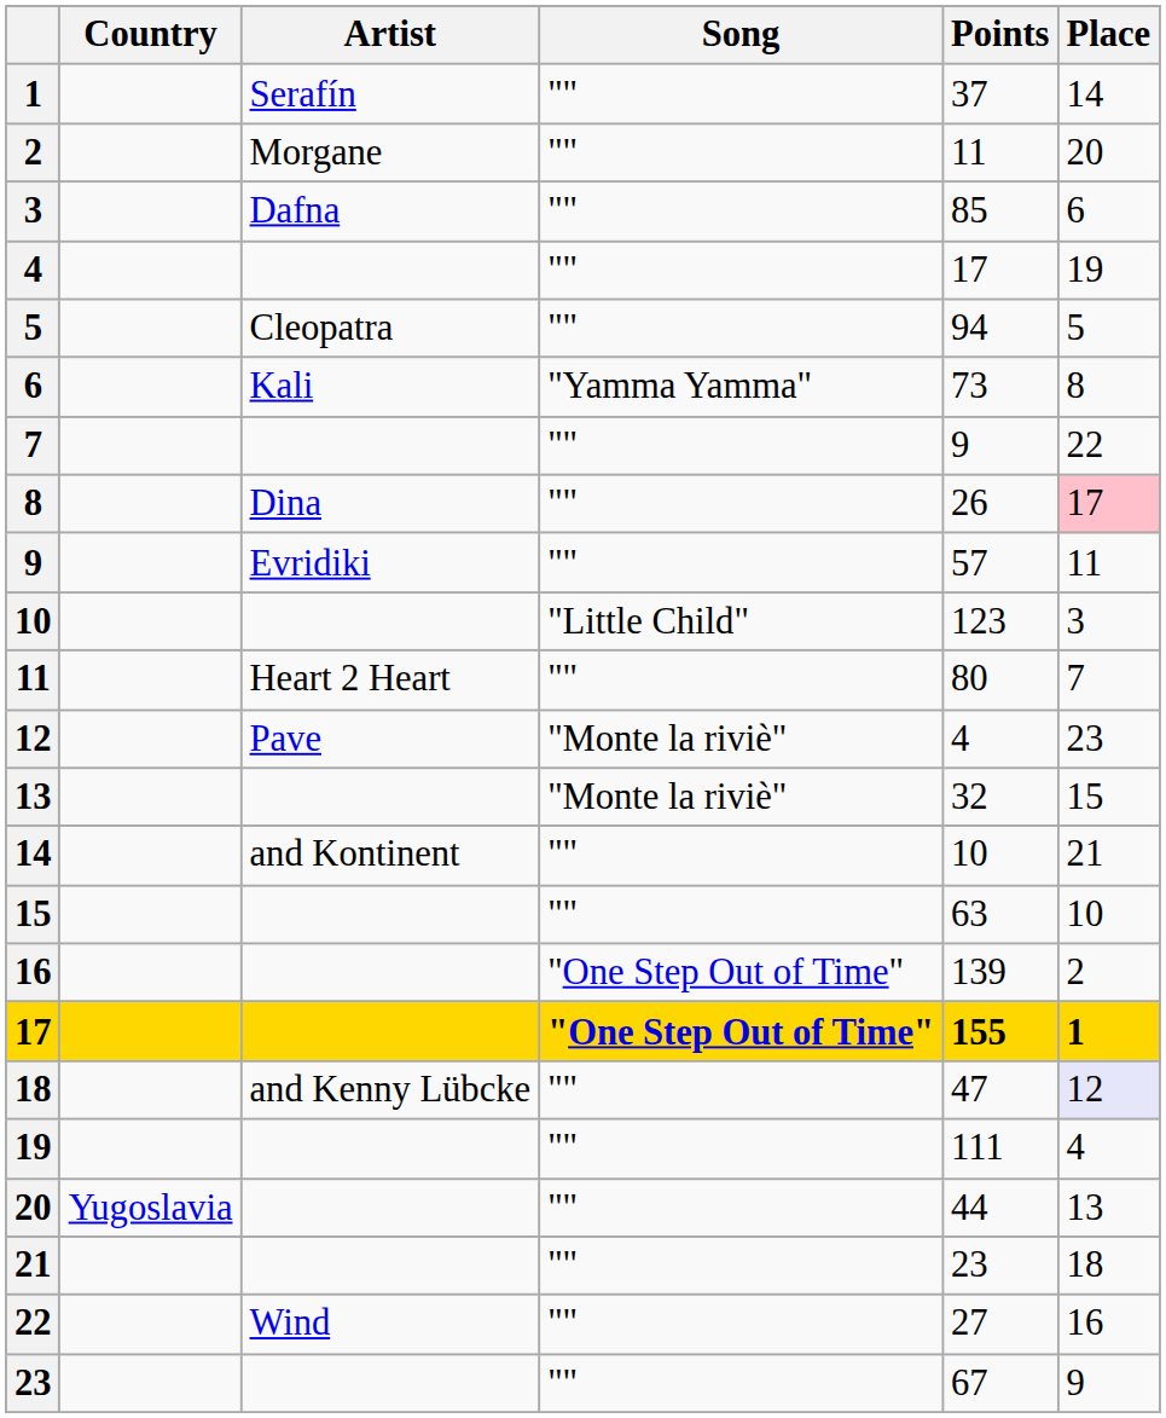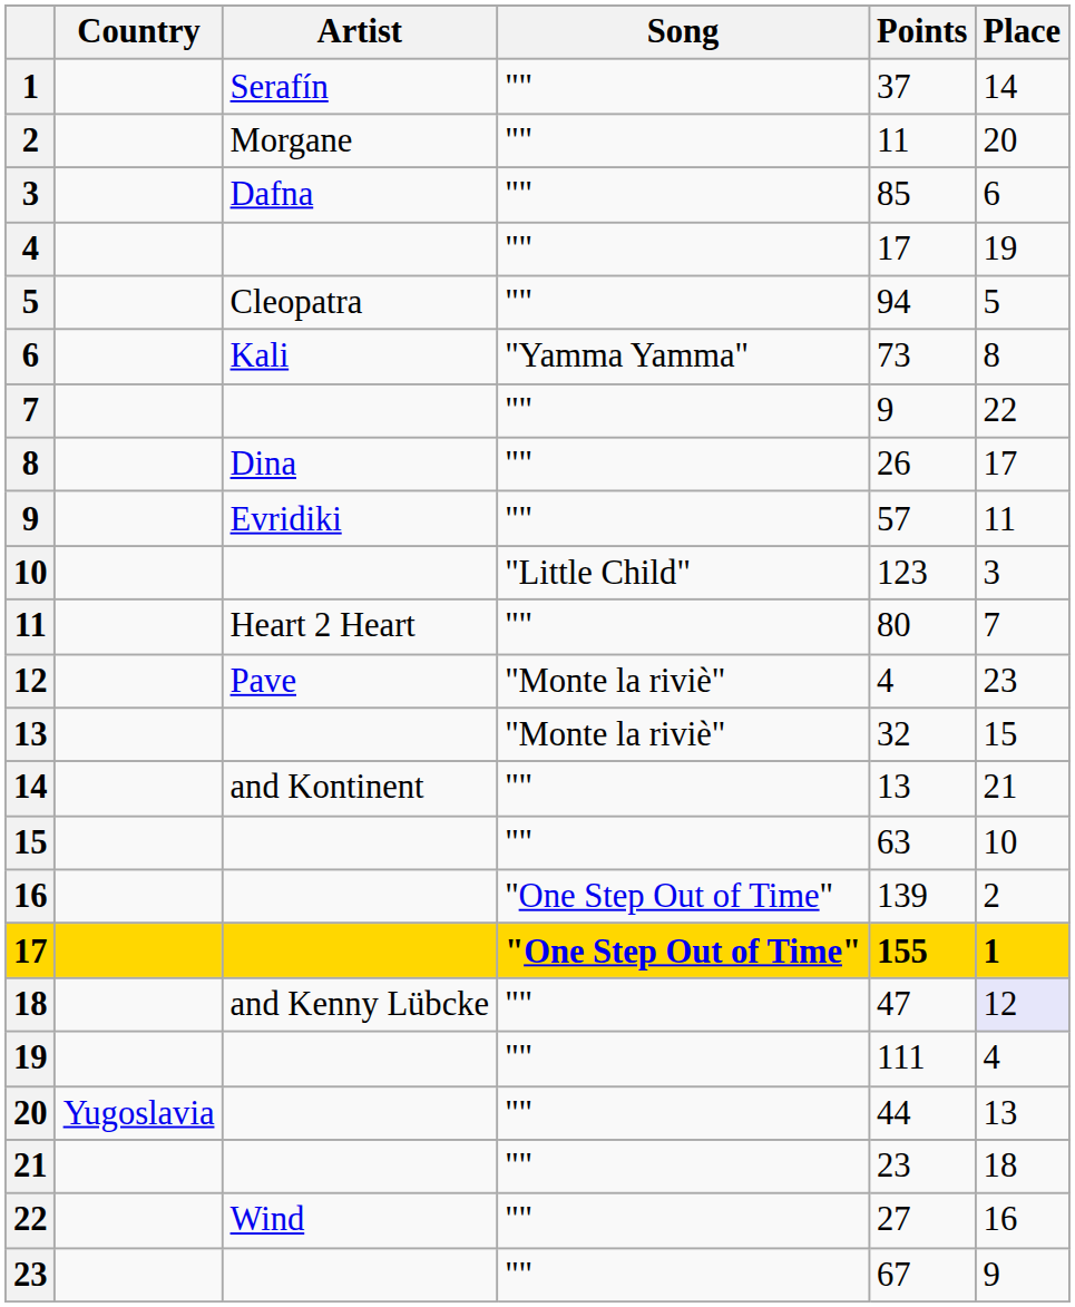 <table class="sortable wikitable plainrowheaders">
 <tr>
 </tr>
 <tr>
 <th scope="col"></th>
 <th scope="col">Country</th>
 <th scope="col">Artist</th>
 <th scope="col">Song</th>
 <th scope="col">Points</th>
 <th scope="col">Place</th>
 </tr>
 <tr>
 <th scope="row" style="text-align:center;">1</th>
 <td></td>
 <td><a href='#'>Serafín</a></td>
 <td>""</td>
 <td>37</td>
 <td>14</td>
 </tr>
 <tr>
 <th scope="row" style="text-align:center;">2</th>
 <td></td>
 <td>Morgane</td>
 <td>""</td>
 <td>11</td>
 <td>20</td>
 </tr>
 <tr>
 <th scope="row" style="text-align:center;">3</th>
 <td></td>
 <td><a href='#'>Dafna</a></td>
 <td>""</td>
 <td>85</td>
 <td>6</td>
 </tr>
 <tr>
 <th scope="row" style="text-align:center;">4</th>
 <td></td>
 <td></td>
 <td>""</td>
 <td>17</td>
 <td>19</td>
 </tr>
 <tr>
 <th scope="row" style="text-align:center;">5</th>
 <td></td>
 <td>Cleopatra</td>
 <td>""</td>
 <td>94</td>
 <td>5</td>
 </tr>
 <tr>
 <th scope="row" style="text-align:center;">6</th>
 <td></td>
 <td><a href='#'>Kali</a></td>
 <td>"Yamma Yamma"</td>
 <td>73</td>
 <td>8</td>
 </tr>
 <tr>
 <th scope="row" style="text-align:center;">7</th>
 <td></td>
 <td></td>
 <td>""</td>
 <td>9</td>
 <td>22</td>
 </tr>
 <tr>
 <th scope="row" style="text-align:center;">8</th>
 <td></td>
 <td><a href='#'>Dina</a></td>
 <td>""</td>
 <td>26</td>
-<td style="background: pink;">17</td>
+<td>17</td>
 </tr>
 <tr>
 <th scope="row" style="text-align:center;">9</th>
 <td></td>
 <td><a href='#'>Evridiki</a></td>
 <td>""</td>
 <td>57</td>
 <td>11</td>
 </tr>
 <tr>
 <th scope="row" style="text-align:center;">10</th>
 <td></td>
 <td></td>
 <td>"Little Child"</td>
 <td>123</td>
 <td>3</td>
 </tr>
 <tr>
 <th scope="row" style="text-align:center;">11</th>
 <td></td>
 <td>Heart 2 Heart</td>
 <td>""</td>
 <td>80</td>
 <td>7</td>
 </tr>
 <tr>
 <th scope="row" style="text-align:center;">12</th>
 <td></td>
 <td><a href='#'>Pave</a></td>
 <td>"Monte la riviè"</td>
 <td>4</td>
 <td>23</td>
 </tr>
 <tr>
 <th scope="row" style="text-align:center;">13</th>
 <td></td>
 <td></td>
 <td>"Monte la riviè"</td>
 <td>32</td>
 <td>15</td>
 </tr>
 <tr>
 <th scope="row" style="text-align:center;">14</th>
 <td></td>
 <td> and Kontinent</td>
 <td>""</td>
-<td>10</td>
+<td>13</td>
 <td>21</td>
 </tr>
 <tr>
 <th scope="row" style="text-align:center;">15</th>
 <td></td>
 <td></td>
 <td>""</td>
 <td>63</td>
 <td>10</td>
 </tr>
 <tr>
 <th scope="row" style="text-align:center;">16</th>
 <td></td>
 <td></td>
 <td>"<a href='#'>One Step Out of Time</a>"</td>
 <td>139</td>
 <td>2</td>
 </tr>
 <tr style="font-weight:bold; background:gold;">
 <th scope="row" style="text-align:center; font-weight:bold; background:gold;">17</th>
 <td></td>
 <td></td>
 <td>"<a href='#'>One Step Out of Time</a>"</td>
 <td>155</td>
 <td>1</td>
 </tr>
 <tr>
 <th scope="row" style="text-align:center;">18</th>
 <td></td>
 <td> and Kenny Lübcke</td>
 <td>""</td>
 <td>47</td>
 <td style="background: lavender;">12</td>
 </tr>
 <tr>
 <th scope="row" style="text-align:center;">19</th>
 <td></td>
 <td></td>
 <td>""</td>
 <td>111</td>
 <td>4</td>
 </tr>
 <tr>
 <th scope="row" style="text-align:center;">20</th>
 <td> <a href='#'>Yugoslavia</a></td>
 <td></td>
 <td>""</td>
 <td>44</td>
 <td>13</td>
 </tr>
 <tr>
 <th scope="row" style="text-align:center;">21</th>
 <td></td>
 <td></td>
 <td>""</td>
 <td>23</td>
 <td>18</td>
 </tr>
 <tr>
 <th scope="row" style="text-align:center;">22</th>
 <td></td>
 <td><a href='#'>Wind</a></td>
 <td>""</td>
 <td>27</td>
 <td>16</td>
 </tr>
 <tr>
 <th scope="row" style="text-align:center;">23</th>
 <td></td>
 <td></td>
 <td>""</td>
 <td>67</td>
 <td>9</td>
 </tr>
 </table>
